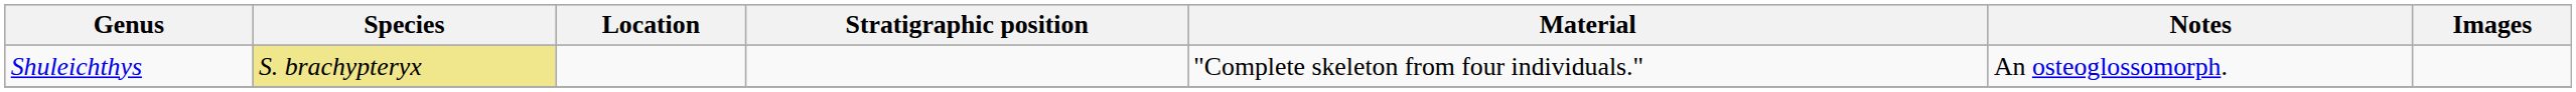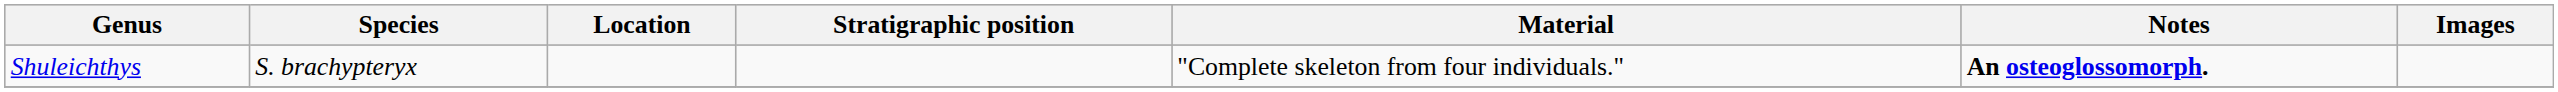 <table class="wikitable" align="center" width="100%">
 <tr>
 <th>Genus</th>
 <th>Species</th>
 <th>Location</th>
 <th>Stratigraphic position</th>
 <th>Material</th>
 <th>Notes</th>
 <th>Images</th>
 </tr>
 <tr>
 <td><em><a href='#'>Shuleichthys</a></em></td>
-<td style="background: khaki;"><em>S. brachypteryx</em></td>
+<td><em>S. brachypteryx</em></td>
 <td></td>
 <td></td>
 <td>"Complete skeleton from four individuals."</td>
-<td>An <a href='#'>osteoglossomorph</a>.</td>
+<td><strong>An <a href='#'>osteoglossomorph</a>.</strong></td>
 <td></td>
 </tr>
 <tr>
 </tr>
 </table>
